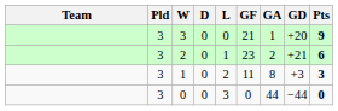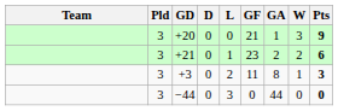 <table class="wikitable" style="text-align: center;">
 <tr>
 <th width="175">Team</th>
 <th width="20">Pld</th>
-<th width="20">W</th>
+<th width="20">GD</th>
 <th width="20">D</th>
 <th width="20">L</th>
 <th width="20">GF</th>
 <th width="20">GA</th>
-<th width="20">GD</th>
+<th width="20">W</th>
 <th width="20">Pts</th>
 </tr>
 <tr bgcolor=#ccffcc>
 <td align=left></td>
 <td>3</td>
-<td>3</td>
+<td>+20</td>
 <td>0</td>
 <td>0</td>
 <td>21</td>
 <td>1</td>
-<td>+20</td>
+<td>3</td>
 <td><strong>9</strong></td>
 </tr>
 <tr bgcolor=#ccffcc>
 <td align=left></td>
 <td>3</td>
-<td>2</td>
+<td>+21</td>
 <td>0</td>
 <td>1</td>
 <td>23</td>
 <td>2</td>
-<td>+21</td>
+<td>2</td>
 <td><strong>6</strong></td>
 </tr>
 <tr>
 <td align=left></td>
 <td>3</td>
-<td>1</td>
+<td>+3</td>
 <td>0</td>
 <td>2</td>
 <td>11</td>
 <td>8</td>
-<td>+3</td>
+<td>1</td>
 <td><strong>3</strong></td>
 </tr>
 <tr>
 <td align=left></td>
 <td>3</td>
-<td>0</td>
+<td>−44</td>
 <td>0</td>
 <td>3</td>
 <td>0</td>
 <td>44</td>
-<td>−44</td>
+<td>0</td>
 <td><strong>0</strong></td>
 </tr>
 </table>
